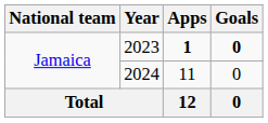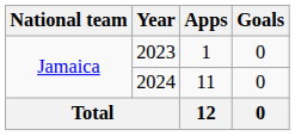 <table class=wikitable style=text-align:center>
 <tr>
 <th>National team</th>
 <th>Year</th>
 <th>Apps</th>
 <th>Goals</th>
 </tr>
 <tr>
 <td rowspan="2"><a href='#'>Jamaica</a></td>
 <td>2023</td>
-<td><strong>1</strong></td>
-<td><strong>0</strong></td>
+<td>1</td>
+<td>0</td>
 </tr>
 <tr>
 <td>2024</td>
 <td>11</td>
 <td>0</td>
 </tr>
 <tr>
 <th colspan="2">Total</th>
 <th>12</th>
 <th>0</th>
 </tr>
 </table>
